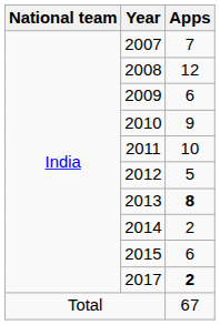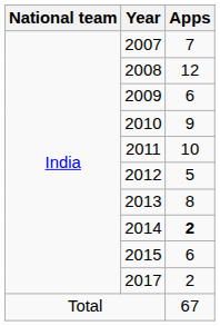 <table class="wikitable" style="text-align: center;">
 <tr>
 <th>National team</th>
 <th>Year</th>
 <th>Apps</th>
 </tr>
 <tr>
 <td rowspan=10><a href='#'>India</a></td>
 <td>2007</td>
 <td>7</td>
 </tr>
 <tr>
 <td>2008</td>
 <td>12</td>
 </tr>
 <tr>
 <td>2009</td>
 <td>6</td>
 </tr>
 <tr>
 <td>2010</td>
 <td>9</td>
 </tr>
 <tr>
 <td>2011</td>
 <td>10</td>
 </tr>
 <tr>
 <td>2012</td>
 <td>5</td>
 </tr>
 <tr>
 <td>2013</td>
-<td><strong>8</strong></td>
+<td>8</td>
 </tr>
 <tr>
 <td>2014</td>
-<td>2</td>
+<td><strong>2</strong></td>
 </tr>
 <tr>
 <td>2015</td>
 <td>6</td>
 </tr>
 <tr>
 <td>2017</td>
-<td><strong>2</strong></td>
+<td>2</td>
 </tr>
 <tr>
 <td colspan="2">Total</td>
 <td>67</td>
 </tr>
 </table>
